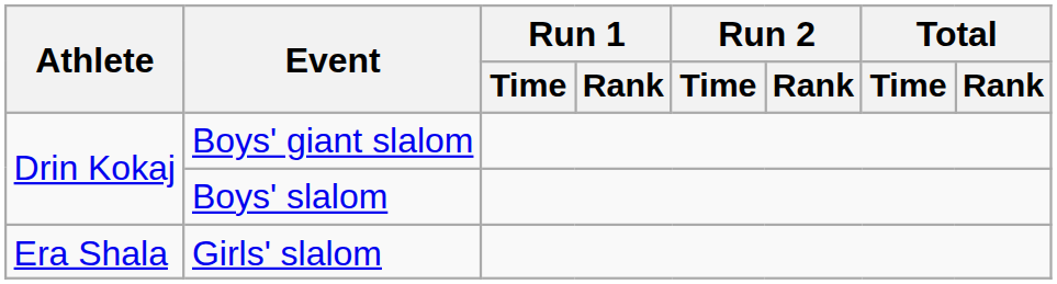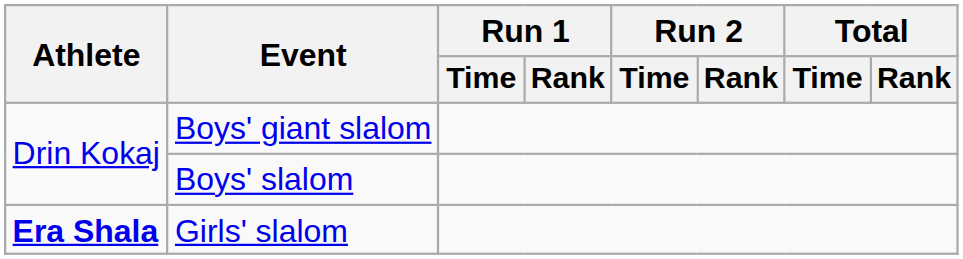 <table class="wikitable" style="font-size:90%">
 <tr>
 <th rowspan=2>Athlete</th>
 <th rowspan=2>Event</th>
 <th colspan=2>Run 1</th>
 <th colspan=2>Run 2</th>
 <th colspan=2>Total</th>
 </tr>
 <tr style="font-size:95%">
 <th>Time</th>
 <th>Rank</th>
 <th>Time</th>
 <th>Rank</th>
 <th>Time</th>
 <th>Rank</th>
 </tr>
 <tr align=center>
 <td align="left" rowspan="2"><a href='#'>Drin Kokaj</a></td>
 <td align="left"><a href='#'>Boys' giant slalom</a></td>
 <td colspan=6></td>
 </tr>
 <tr align=center>
 <td align="left"><a href='#'>Boys' slalom</a></td>
 <td colspan=6></td>
 </tr>
 <tr align=center>
-<td align="left"><a href='#'>Era Shala</a></td>
+<td align="left"><strong><a href='#'>Era Shala</a></strong></td>
 <td align="left"><a href='#'>Girls' slalom</a></td>
 <td colspan=6></td>
 </tr>
 </table>
